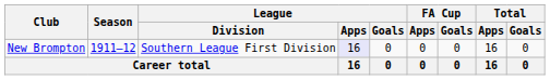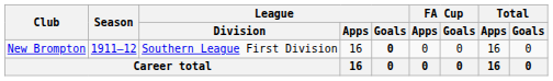 <table class="wikitable" style="text-align: center;">
 <tr>
 <th rowspan="2">Club</th>
 <th rowspan="2">Season</th>
 <th colspan="3">League</th>
 <th colspan="2">FA Cup</th>
 <th colspan="2">Total</th>
 </tr>
 <tr>
 <th>Division</th>
 <th>Apps</th>
 <th>Goals</th>
 <th>Apps</th>
 <th>Goals</th>
 <th>Apps</th>
 <th>Goals</th>
 </tr>
 <tr>
 <td><a href='#'>New Brompton</a></td>
 <td><a href='#'>1911–12</a></td>
 <td><a href='#'>Southern League</a> First Division</td>
-<td style="background: lavender;">16</td>
-<td>0</td>
+<td>16</td>
+<td><strong>0</strong></td>
 <td>0</td>
 <td>0</td>
 <td>16</td>
 <td>0</td>
 </tr>
 <tr>
 <th colspan="3">Career total</th>
 <th>16</th>
 <th>0</th>
 <th>0</th>
 <th>0</th>
 <th>16</th>
 <th>0</th>
 </tr>
 </table>
